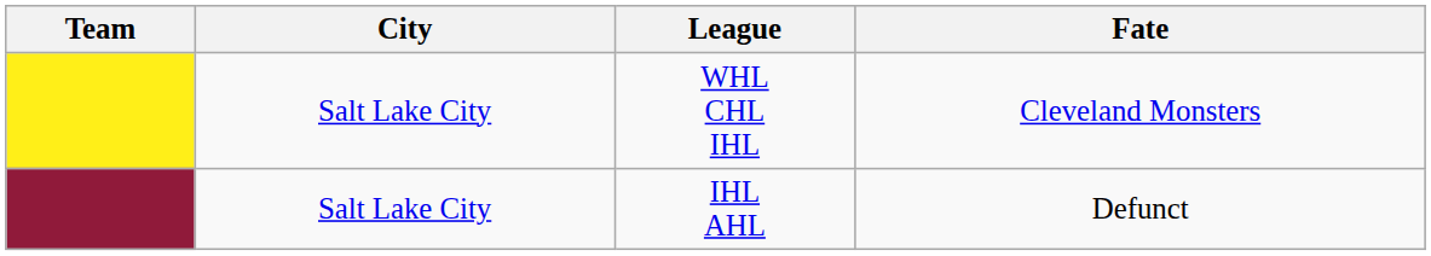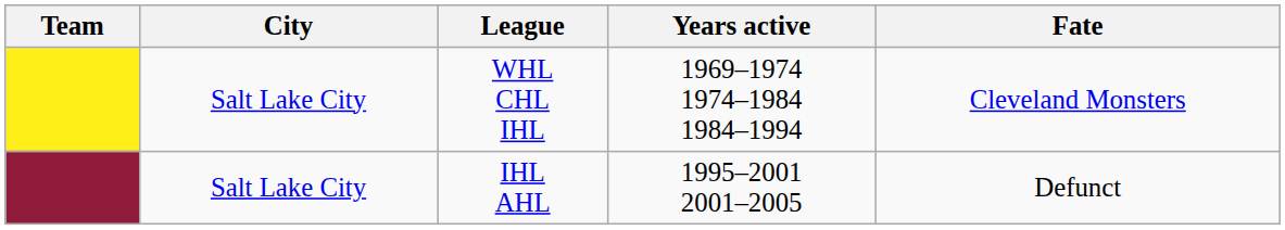 <table class="wikitable sortable" style="text-align:center;" width="60%">
 <tr>
 <th>Team</th>
 <th>City</th>
 <th>League</th>
+<th>Years active</th>
 <th>Fate</th>
 </tr>
 <tr>
 <td style="color:white; background:#ffef18; "><strong><a href='#'></a></strong></td>
 <td><a href='#'>Salt Lake City</a></td>
 <td><a href='#'>WHL</a><br><a href='#'>CHL</a><br><a href='#'>IHL</a></td>
+<td>1969–1974<br>1974–1984<br>1984–1994</td>
 <td><a href='#'>Cleveland Monsters</a></td>
 </tr>
 <tr>
 <td style="color:white; background:#901a3a; "><strong><a href='#'></a></strong></td>
 <td><a href='#'>Salt Lake City</a></td>
 <td><a href='#'>IHL</a><br><a href='#'>AHL</a></td>
+<td>1995–2001<br>2001–2005</td>
 <td>Defunct</td>
 </tr>
 </table>
